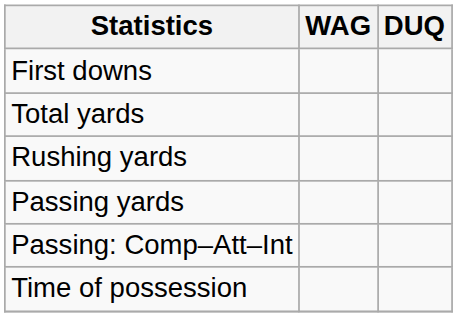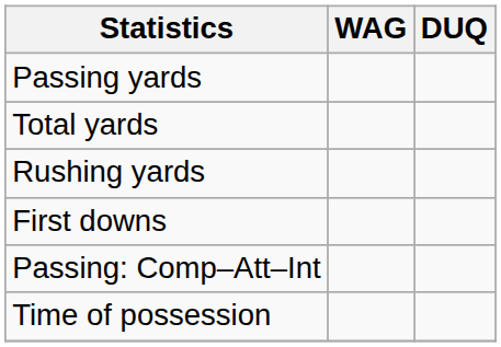 <table class="wikitable" style="float: left;">
 <tr>
 <th>Statistics</th>
 <th>WAG</th>
 <th>DUQ</th>
 </tr>
 <tr>
-<td>First downs</td>
+<td>Passing yards</td>
 <td></td>
 <td></td>
 </tr>
 <tr>
 <td>Total yards</td>
 <td></td>
 <td></td>
 </tr>
 <tr>
 <td>Rushing yards</td>
 <td></td>
 <td></td>
 </tr>
 <tr>
-<td>Passing yards</td>
+<td>First downs</td>
 <td></td>
 <td></td>
 </tr>
 <tr>
 <td>Passing: Comp–Att–Int</td>
 <td></td>
 <td></td>
 </tr>
 <tr>
 <td>Time of possession</td>
 <td></td>
 <td></td>
 </tr>
 <tr>
 </tr>
 </table>
